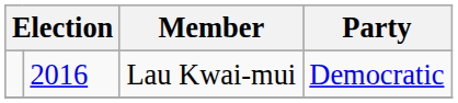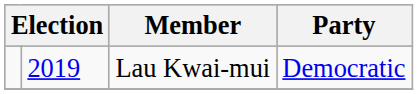 <table class="wikitable">
 <tr>
 <th colspan="2">Election</th>
 <th>Member</th>
 <th>Party</th>
 </tr>
 <tr>
 <td style="color:inherit;background:"></td>
-<td><a href='#'>2016</a></td>
+<td><a href='#'>2019</a></td>
 <td>Lau Kwai-mui</td>
 <td><a href='#'>Democratic</a></td>
 </tr>
 <tr>
 </tr>
 </table>
